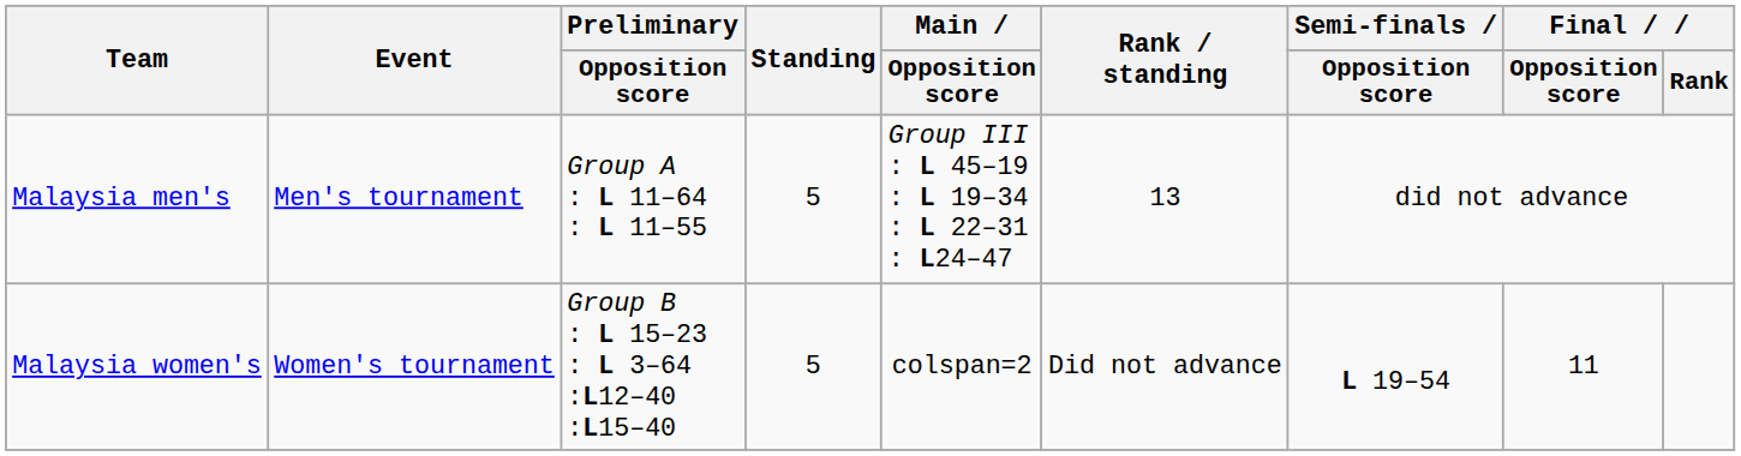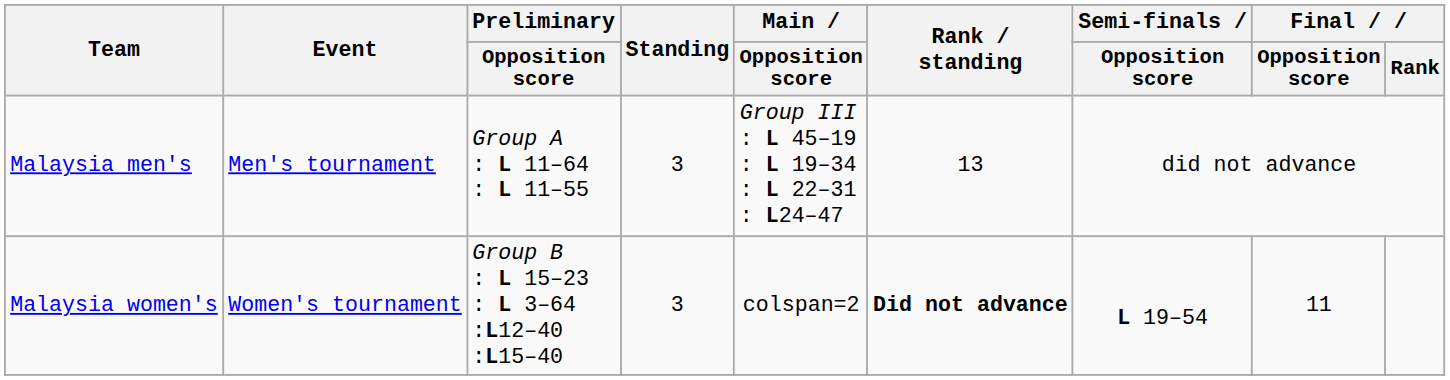 <table class=wikitable style="font-size:90%; text-align:center">
 <tr>
 <th rowspan=2>Team</th>
 <th rowspan=2>Event</th>
 <th>Preliminary</th>
 <th rowspan=2>Standing</th>
 <th>Main / </th>
 <th rowspan=2>Rank /<br> standing</th>
 <th>Semi-finals / </th>
 <th colspan=2>Final /  / </th>
 </tr>
 <tr style="font-size:95%">
 <th>Opposition<br> score</th>
 <th>Opposition<br> score</th>
 <th>Opposition<br> score</th>
 <th>Opposition<br> score</th>
 <th>Rank</th>
 </tr>
 <tr>
 <td align=left><a href='#'>Malaysia men's</a></td>
 <td align=left><a href='#'>Men's tournament</a></td>
 <td align=left><em>Group A</em><br>: <strong>L</strong> 11–64<br>: <strong>L</strong> 11–55</td>
-<td>5</td>
+<td>3</td>
 <td align=left><em>Group III</em><br>: <strong>L</strong> 45–19<br>: <strong>L</strong> 19–34<br>: <strong>L</strong> 22–31<br>: <strong>L</strong>24–47</td>
 <td>13</td>
 <td colspan=3>did not advance</td>
 </tr>
 <tr>
 <td align=left><a href='#'>Malaysia women's</a></td>
 <td align=left><a href='#'>Women's tournament</a></td>
 <td align=left><em>Group B</em><br>: <strong>L</strong> 15–23<br>: <strong>L</strong> 3–64<br> :<strong>L</strong>12–40 <br> :<strong>L</strong>15–40</td>
-<td>5</td>
+<td>3</td>
 <td>colspan=2 </td>
-<td>Did not advance</td>
+<td><strong>Did not advance</strong></td>
 <td><br><strong>L</strong> 19–54</td>
 <td>11</td>
 </tr>
 </table>
